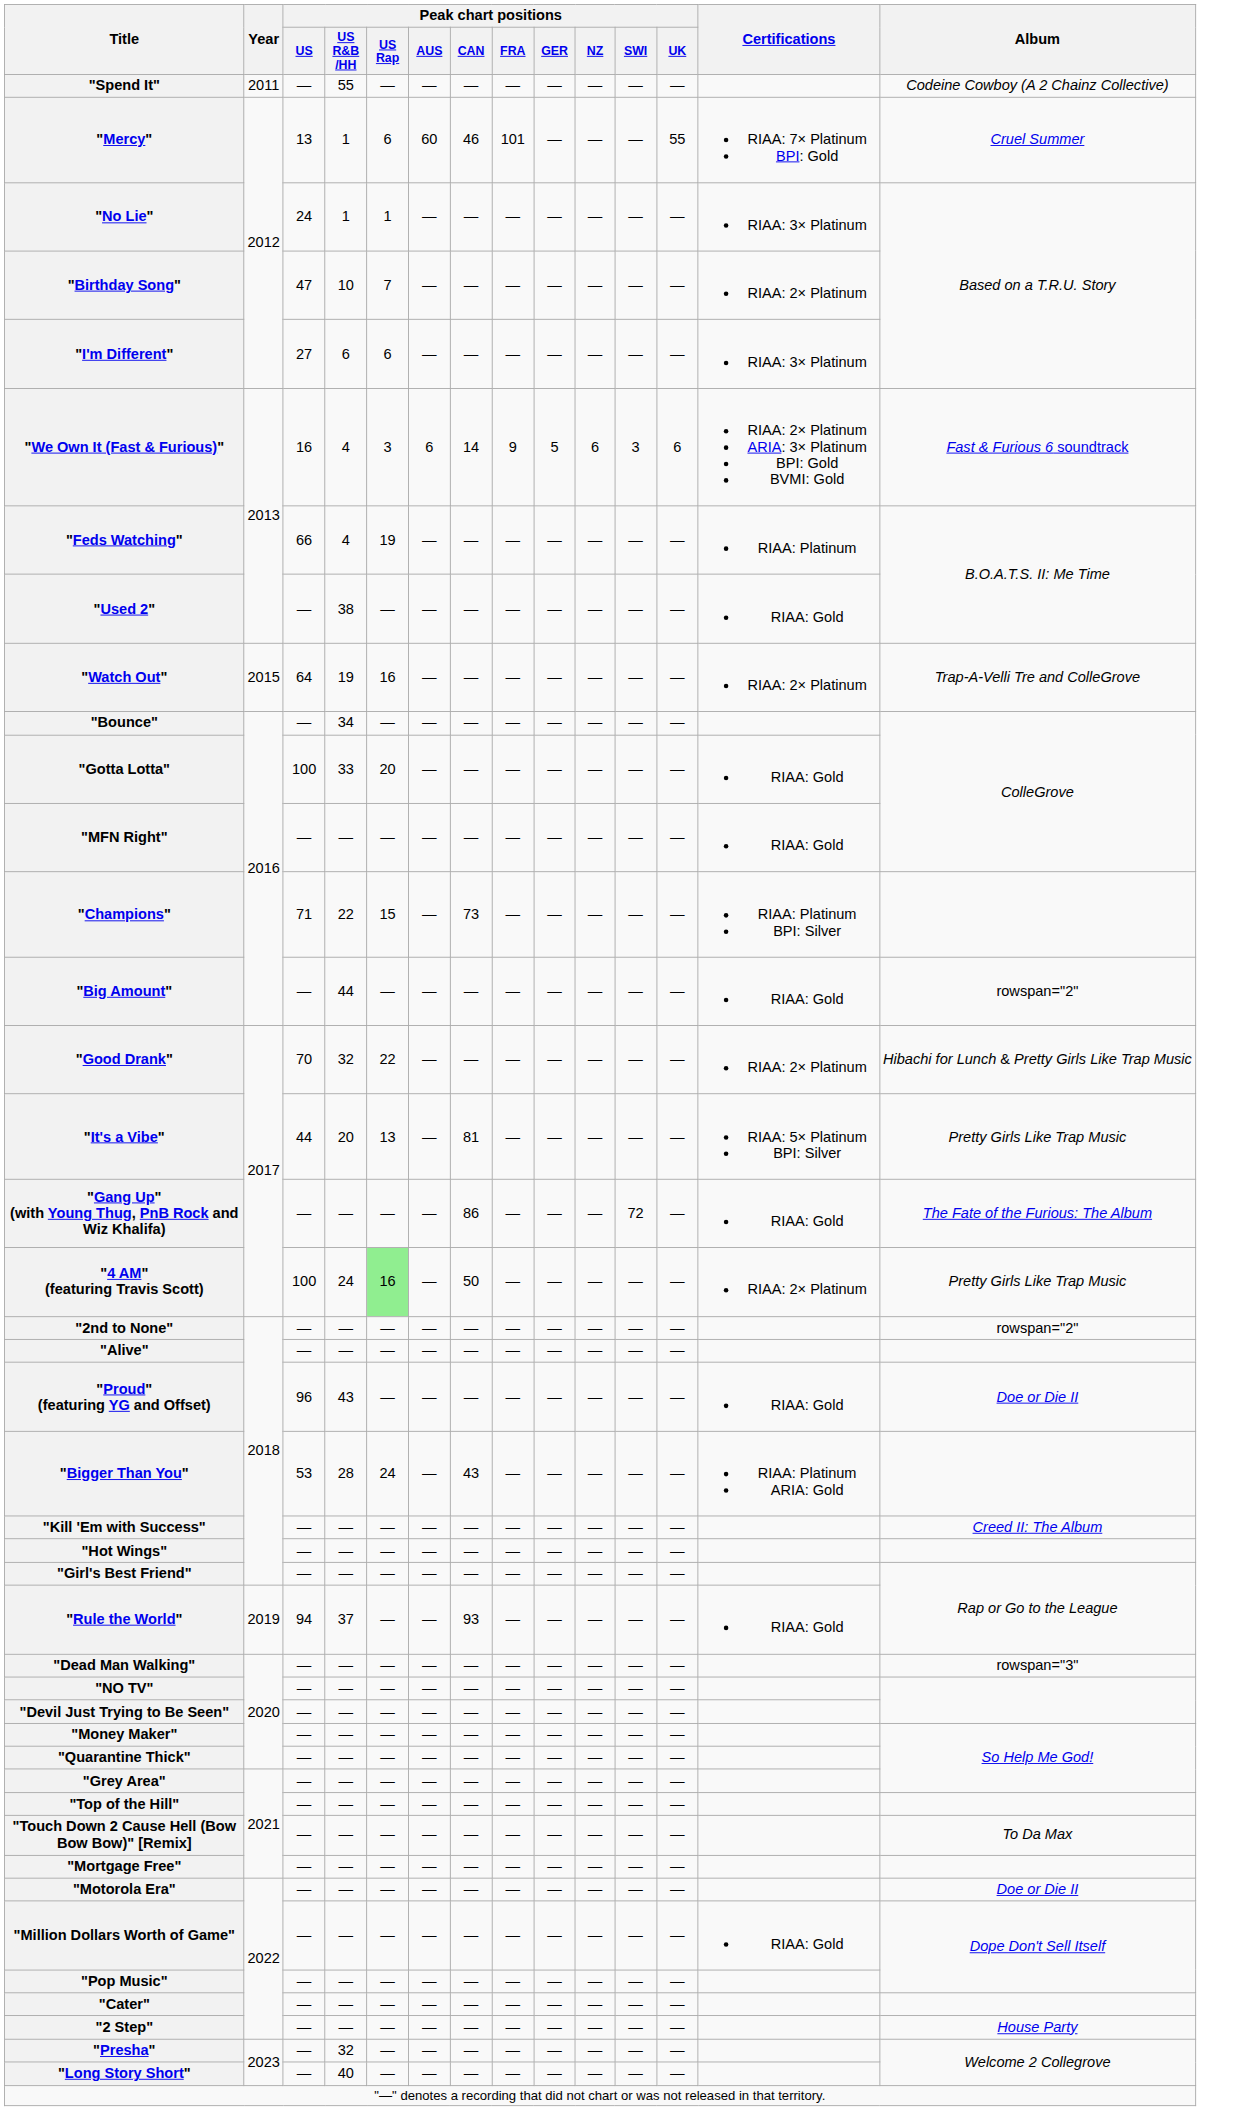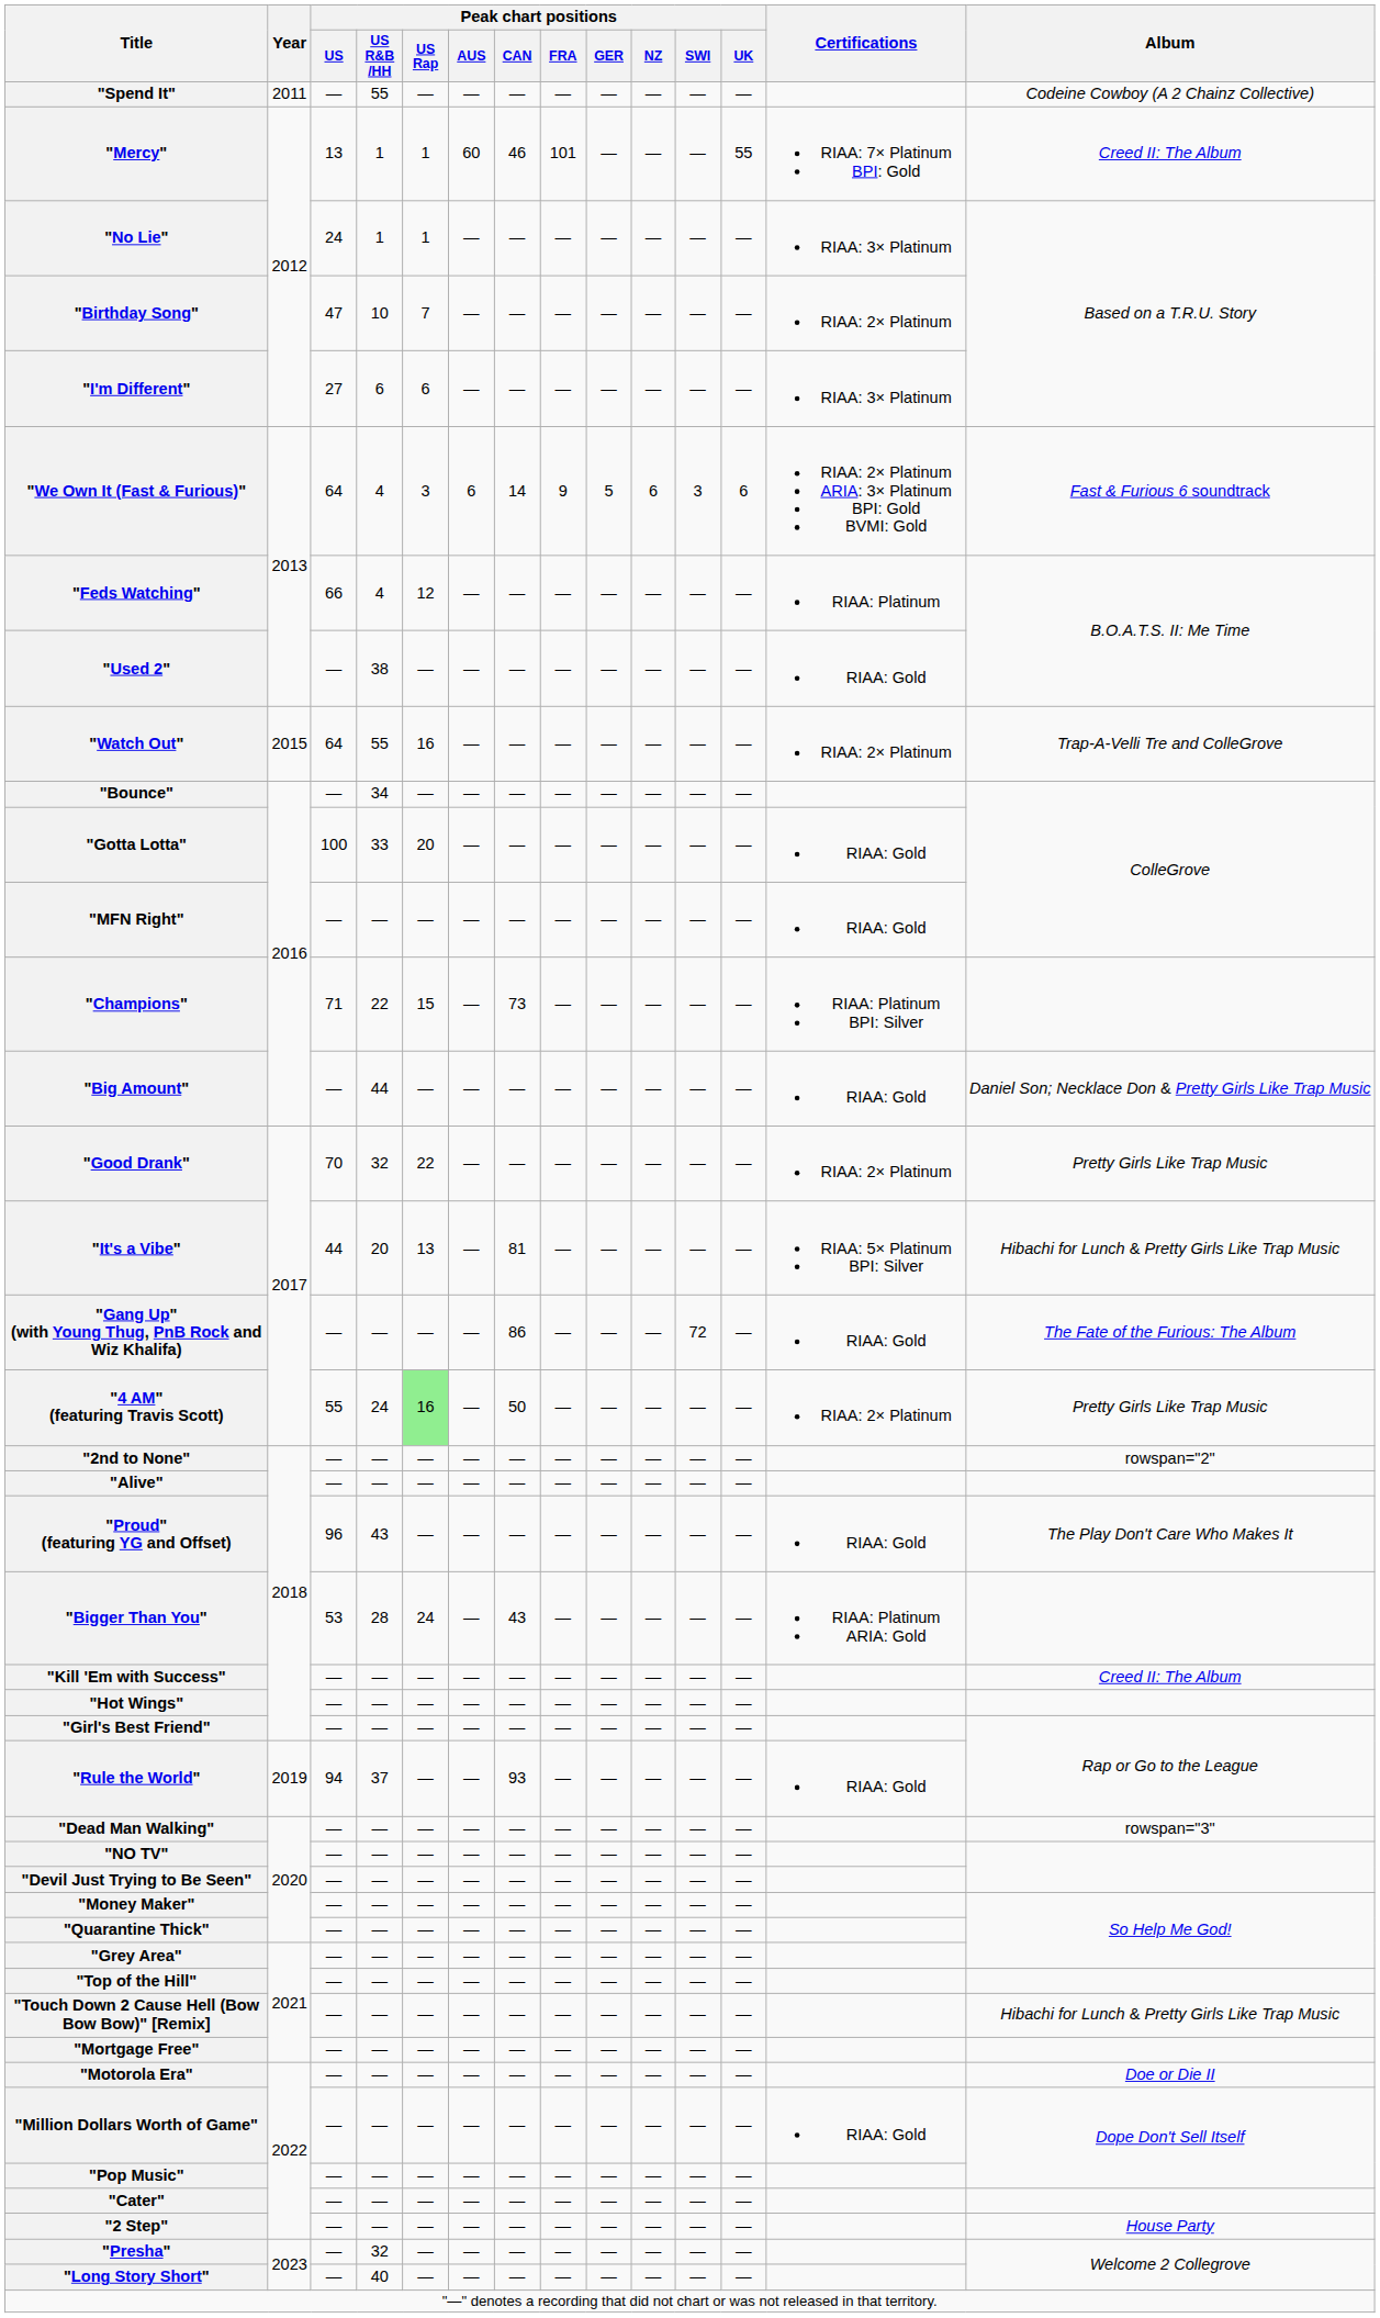 <table class="wikitable plainrowheaders" style="text-align:center;">
 <tr>
 <th scope="col" rowspan="2" style="width:16em;">Title</th>
 <th scope="col" rowspan="2">Year</th>
 <th scope="col" colspan="10">Peak chart positions</th>
 <th scope="col" rowspan="2" style="width:12em;"><a href='#'>Certifications</a></th>
 <th scope="col" rowspan="2">Album</th>
 </tr>
 <tr>
 <th scope="col" style="width:2.9em;font-size:85%;"><a href='#'>US</a><br></th>
 <th scope="col" style="width:2.9em;font-size:85%;"><a href='#'>US<br>R&B<br>/HH</a><br></th>
 <th scope="col" style="width:2.9em;font-size:85%;"><a href='#'>US<br>Rap</a><br></th>
 <th scope="col" style="width:2.9em;font-size:85%;"><a href='#'>AUS</a><br></th>
 <th scope="col" style="width:2.9em;font-size:85%;"><a href='#'>CAN</a><br></th>
 <th scope="col" style="width:2.9em;font-size:85%;"><a href='#'>FRA</a><br></th>
 <th scope="col" style="width:2.9em;font-size:85%;"><a href='#'>GER</a><br></th>
 <th scope="col" style="width:2.7em;font-size:85%;"><a href='#'>NZ</a><br></th>
 <th scope="col" style="width:2.9em;font-size:85%;"><a href='#'>SWI</a><br></th>
 <th scope="col" style="width:2.9em;font-size:85%;"><a href='#'>UK</a><br></th>
 </tr>
 <tr>
 <th scope="row">"Spend It"</th>
 <td>2011</td>
 <td>—</td>
 <td>55</td>
 <td>—</td>
 <td>—</td>
 <td>—</td>
 <td>—</td>
 <td>—</td>
 <td>—</td>
 <td>—</td>
 <td>—</td>
 <td></td>
 <td><em>Codeine Cowboy (A 2 Chainz Collective)</em></td>
 </tr>
 <tr>
 <th scope="row">"<a href='#'>Mercy</a>"<br></th>
 <td rowspan="4">2012</td>
 <td>13</td>
 <td>1</td>
-<td>6</td>
+<td>1</td>
 <td>60</td>
 <td>46</td>
 <td>101</td>
 <td>—</td>
 <td>—</td>
 <td>—</td>
 <td>55</td>
 <td><br><ul><li>RIAA: 7× Platinum</li><li><a href='#'>BPI</a>: Gold</li></ul></td>
-<td><em><a href='#'>Cruel Summer</a></em></td>
+<td><em><a href='#'>Creed II: The Album</a></em></td>
 </tr>
 <tr>
 <th scope="row">"<a href='#'>No Lie</a>"<br></th>
 <td>24</td>
 <td>1</td>
 <td>1</td>
 <td>—</td>
 <td>—</td>
 <td>—</td>
 <td>—</td>
 <td>—</td>
 <td>—</td>
 <td>—</td>
 <td><br><ul><li>RIAA: 3× Platinum</li></ul></td>
 <td rowspan="3"><em>Based on a T.R.U. Story</em></td>
 </tr>
 <tr>
 <th scope="row">"<a href='#'>Birthday Song</a>"<br></th>
 <td>47</td>
 <td>10</td>
 <td>7</td>
 <td>—</td>
 <td>—</td>
 <td>—</td>
 <td>—</td>
 <td>—</td>
 <td>—</td>
 <td>—</td>
 <td><br><ul><li>RIAA: 2× Platinum</li></ul></td>
 </tr>
 <tr>
 <th scope="row">"<a href='#'>I'm Different</a>"</th>
 <td>27</td>
 <td>6</td>
 <td>6</td>
 <td>—</td>
 <td>—</td>
 <td>—</td>
 <td>—</td>
 <td>—</td>
 <td>—</td>
 <td>—</td>
 <td><br><ul><li>RIAA: 3× Platinum</li></ul></td>
 </tr>
 <tr>
 <th scope="row">"<a href='#'>We Own It (Fast & Furious)</a>"<br></th>
 <td rowspan="3">2013</td>
-<td>16</td>
+<td>64</td>
 <td>4</td>
 <td>3</td>
 <td>6</td>
 <td>14</td>
 <td>9</td>
 <td>5</td>
 <td>6</td>
 <td>3</td>
 <td>6</td>
 <td><br><ul><li>RIAA: 2× Platinum</li><li><a href='#'>ARIA</a>: 3× Platinum</li><li>BPI: Gold</li><li>BVMI: Gold</li></ul></td>
 <td><a href='#'><em>Fast & Furious 6</em> soundtrack</a></td>
 </tr>
 <tr>
 <th scope="row">"<a href='#'>Feds Watching</a>"<br></th>
 <td>66</td>
 <td>4</td>
-<td>19</td>
+<td>12</td>
 <td>—</td>
 <td>—</td>
 <td>—</td>
 <td>—</td>
 <td>—</td>
 <td>—</td>
 <td>—</td>
 <td><br><ul><li>RIAA: Platinum</li></ul></td>
 <td rowspan="2"><em>B.O.A.T.S. II: Me Time</em></td>
 </tr>
 <tr>
 <th scope="row">"<a href='#'>Used 2</a>"</th>
 <td>—</td>
 <td>38</td>
 <td>—</td>
 <td>—</td>
 <td>—</td>
 <td>—</td>
 <td>—</td>
 <td>—</td>
 <td>—</td>
 <td>—</td>
 <td><br><ul><li>RIAA: Gold</li></ul></td>
 </tr>
 <tr>
 <th scope="row">"<a href='#'>Watch Out</a>"</th>
 <td>2015</td>
 <td>64</td>
-<td>19</td>
+<td>55</td>
 <td>16</td>
 <td>—</td>
 <td>—</td>
 <td>—</td>
 <td>—</td>
 <td>—</td>
 <td>—</td>
 <td>—</td>
 <td><br><ul><li>RIAA: 2× Platinum</li></ul></td>
 <td><em>Trap-A-Velli Tre and ColleGrove</em></td>
 </tr>
 <tr>
 <th scope="row">"Bounce"<br></th>
 <td rowspan="5">2016</td>
 <td>—</td>
 <td>34</td>
 <td>—</td>
 <td>—</td>
 <td>—</td>
 <td>—</td>
 <td>—</td>
 <td>—</td>
 <td>—</td>
 <td>—</td>
 <td></td>
 <td rowspan="3"><em>ColleGrove</em></td>
 </tr>
 <tr>
 <th scope="row">"Gotta Lotta"<br></th>
 <td>100</td>
 <td>33</td>
 <td>20</td>
 <td>—</td>
 <td>—</td>
 <td>—</td>
 <td>—</td>
 <td>—</td>
 <td>—</td>
 <td>—</td>
 <td><br><ul><li>RIAA: Gold</li></ul></td>
 </tr>
 <tr>
 <th scope="row">"MFN Right"<br></th>
 <td>—</td>
 <td>—</td>
 <td>—</td>
 <td>—</td>
 <td>—</td>
 <td>—</td>
 <td>—</td>
 <td>—</td>
 <td>—</td>
 <td>—</td>
 <td><br><ul><li>RIAA: Gold</li></ul></td>
 </tr>
 <tr>
 <th scope="row">"<a href='#'>Champions</a>" <br></th>
 <td>71</td>
 <td>22</td>
 <td>15</td>
 <td>—</td>
 <td>73</td>
 <td>—</td>
 <td>—</td>
 <td>—</td>
 <td>—</td>
 <td>—</td>
 <td><br><ul><li>RIAA: Platinum</li><li>BPI: Silver</li></ul></td>
 <td></td>
 </tr>
 <tr>
 <th scope="row">"<a href='#'>Big Amount</a>" <br></th>
 <td>—</td>
 <td>44</td>
 <td>—</td>
 <td>—</td>
 <td>—</td>
 <td>—</td>
 <td>—</td>
 <td>—</td>
 <td>—</td>
 <td>—</td>
 <td><br><ul><li>RIAA: Gold</li></ul></td>
-<td>rowspan="2" </td>
+<td><em>Daniel Son; Necklace Don</em> & <em><a href='#'>Pretty Girls Like Trap Music</a></em></td>
 </tr>
 <tr>
 <th scope="row">"<a href='#'>Good Drank</a>"<br></th>
 <td rowspan="4">2017</td>
 <td>70</td>
 <td>32</td>
 <td>22</td>
 <td>—</td>
 <td>—</td>
 <td>—</td>
 <td>—</td>
 <td>—</td>
 <td>—</td>
 <td>—</td>
 <td><br><ul><li>RIAA: 2× Platinum</li></ul></td>
-<td><em>Hibachi for Lunch</em> & <em>Pretty Girls Like Trap Music</em></td>
+<td><em>Pretty Girls Like Trap Music</em></td>
 </tr>
 <tr>
 <th scope="row">"<a href='#'>It's a Vibe</a>"<br></th>
 <td>44</td>
 <td>20</td>
 <td>13</td>
 <td>—</td>
 <td>81</td>
 <td>—</td>
 <td>—</td>
 <td>—</td>
 <td>—</td>
 <td>—</td>
 <td><br><ul><li>RIAA: 5× Platinum</li><li>BPI: Silver</li></ul></td>
-<td><em>Pretty Girls Like Trap Music</em></td>
+<td><em>Hibachi for Lunch</em> & <em>Pretty Girls Like Trap Music</em></td>
 </tr>
 <tr>
 <th scope="row">"<a href='#'>Gang Up</a>"<br><span>(with <a href='#'>Young Thug</a>, <a href='#'>PnB Rock</a> and Wiz Khalifa)</span></th>
 <td>—</td>
 <td>—</td>
 <td>—</td>
 <td>—</td>
 <td>86</td>
 <td>—</td>
 <td>—</td>
 <td>—</td>
 <td>72</td>
 <td>—</td>
 <td><br><ul><li>RIAA: Gold</li></ul></td>
 <td><em><a href='#'>The Fate of the Furious: The Album</a></em></td>
 </tr>
 <tr>
 <th scope="row">"<a href='#'>4 AM</a>"<br><span>(featuring Travis Scott)</span></th>
-<td>100</td>
+<td>55</td>
 <td>24</td>
 <td style="background: lightgreen;">16</td>
 <td>—</td>
 <td>50</td>
 <td>—</td>
 <td>—</td>
 <td>—</td>
 <td>—</td>
 <td>—</td>
 <td><br><ul><li>RIAA: 2× Platinum</li></ul></td>
 <td><em>Pretty Girls Like Trap Music</em></td>
 </tr>
 <tr>
 <th scope="row">"2nd to None"<br></th>
 <td rowspan="7">2018</td>
 <td>—</td>
 <td>—</td>
 <td>—</td>
 <td>—</td>
 <td>—</td>
 <td>—</td>
 <td>—</td>
 <td>—</td>
 <td>—</td>
 <td>—</td>
 <td></td>
 <td>rowspan="2" </td>
 </tr>
 <tr>
 <th scope="row">"Alive"<br></th>
 <td>—</td>
 <td>—</td>
 <td>—</td>
 <td>—</td>
 <td>—</td>
 <td>—</td>
 <td>—</td>
 <td>—</td>
 <td>—</td>
 <td>—</td>
 <td></td>
 </tr>
 <tr>
 <th scope="row">"<a href='#'>Proud</a>"<br><span>(featuring <a href='#'>YG</a> and Offset)</span></th>
 <td>96</td>
 <td>43</td>
 <td>—</td>
 <td>—</td>
 <td>—</td>
 <td>—</td>
 <td>—</td>
 <td>—</td>
 <td>—</td>
 <td>—</td>
 <td><br><ul><li>RIAA: Gold</li></ul></td>
-<td><em><a href='#'>Doe or Die II</a></em></td>
+<td><em>The Play Don't Care Who Makes It</em></td>
 </tr>
 <tr>
 <th scope="row">"<a href='#'>Bigger Than You</a>"<br></th>
 <td>53</td>
 <td>28</td>
 <td>24</td>
 <td>—</td>
 <td>43</td>
 <td>—</td>
 <td>—</td>
 <td>—</td>
 <td>—</td>
 <td>—</td>
 <td><br><ul><li>RIAA: Platinum</li><li>ARIA: Gold</li></ul></td>
 <td></td>
 </tr>
 <tr>
 <th scope="row">"Kill 'Em with Success"<br></th>
 <td>—</td>
 <td>—</td>
 <td>—</td>
 <td>—</td>
 <td>—</td>
 <td>—</td>
 <td>—</td>
 <td>—</td>
 <td>—</td>
 <td>—</td>
 <td></td>
 <td><em><a href='#'>Creed II: The Album</a></em></td>
 </tr>
 <tr>
 <th scope="row">"Hot Wings"</th>
 <td>—</td>
 <td>—</td>
 <td>—</td>
 <td>—</td>
 <td>—</td>
 <td>—</td>
 <td>—</td>
 <td>—</td>
 <td>—</td>
 <td>—</td>
 <td></td>
 <td></td>
 </tr>
 <tr>
 <th scope="row">"Girl's Best Friend"<br></th>
 <td>—</td>
 <td>—</td>
 <td>—</td>
 <td>—</td>
 <td>—</td>
 <td>—</td>
 <td>—</td>
 <td>—</td>
 <td>—</td>
 <td>—</td>
 <td></td>
 <td rowspan="2"><em>Rap or Go to the League</em></td>
 </tr>
 <tr>
 <th scope="row">"<a href='#'>Rule the World</a>"<br></th>
 <td>2019</td>
 <td>94</td>
 <td>37</td>
 <td>—</td>
 <td>—</td>
 <td>93</td>
 <td>—</td>
 <td>—</td>
 <td>—</td>
 <td>—</td>
 <td>—</td>
 <td><br><ul><li>RIAA: Gold</li></ul></td>
 </tr>
 <tr>
 <th scope="row">"Dead Man Walking"<br></th>
 <td rowspan="5">2020</td>
 <td>—</td>
 <td>—</td>
 <td>—</td>
 <td>—</td>
 <td>—</td>
 <td>—</td>
 <td>—</td>
 <td>—</td>
 <td>—</td>
 <td>—</td>
 <td></td>
 <td>rowspan="3" </td>
 </tr>
 <tr>
 <th scope="row">"NO TV"</th>
 <td>—</td>
 <td>—</td>
 <td>—</td>
 <td>—</td>
 <td>—</td>
 <td>—</td>
 <td>—</td>
 <td>—</td>
 <td>—</td>
 <td>—</td>
 <td></td>
 </tr>
 <tr>
 <th scope="row">"Devil Just Trying to Be Seen"<br></th>
 <td>—</td>
 <td>—</td>
 <td>—</td>
 <td>—</td>
 <td>—</td>
 <td>—</td>
 <td>—</td>
 <td>—</td>
 <td>—</td>
 <td>—</td>
 <td></td>
 </tr>
 <tr>
 <th scope="row">"Money Maker"<br></th>
 <td>—</td>
 <td>—</td>
 <td>—</td>
 <td>—</td>
 <td>—</td>
 <td>—</td>
 <td>—</td>
 <td>—</td>
 <td>—</td>
 <td>—</td>
 <td></td>
 <td rowspan="3"><em><a href='#'>So Help Me God!</a></em></td>
 </tr>
 <tr>
 <th scope="row">"Quarantine Thick"<br></th>
 <td>—</td>
 <td>—</td>
 <td>—</td>
 <td>—</td>
 <td>—</td>
 <td>—</td>
 <td>—</td>
 <td>—</td>
 <td>—</td>
 <td>—</td>
 </tr>
 <tr>
 <th scope="row">"Grey Area"</th>
 <td rowspan="4">2021</td>
 <td>—</td>
 <td>—</td>
 <td>—</td>
 <td>—</td>
 <td>—</td>
 <td>—</td>
 <td>—</td>
 <td>—</td>
 <td>—</td>
 <td>—</td>
 <td></td>
 </tr>
 <tr>
 <th scope="row">"Top of the Hill"<br></th>
 <td>—</td>
 <td>—</td>
 <td>—</td>
 <td>—</td>
 <td>—</td>
 <td>—</td>
 <td>—</td>
 <td>—</td>
 <td>—</td>
 <td>—</td>
 <td></td>
 <td></td>
 </tr>
 <tr>
 <th scope="row">"Touch Down 2 Cause Hell (Bow Bow Bow)" [Remix]<br></th>
 <td>—</td>
 <td>—</td>
 <td>—</td>
 <td>—</td>
 <td>—</td>
 <td>—</td>
 <td>—</td>
 <td>—</td>
 <td>—</td>
 <td>—</td>
 <td></td>
-<td><em>To Da Max</em></td>
+<td><em>Hibachi for Lunch</em> & <em>Pretty Girls Like Trap Music</em></td>
 </tr>
 <tr>
 <th scope="row">"Mortgage Free"<br></th>
 <td>—</td>
 <td>—</td>
 <td>—</td>
 <td>—</td>
 <td>—</td>
 <td>—</td>
 <td>—</td>
 <td>—</td>
 <td>—</td>
 <td>—</td>
 <td></td>
 <td></td>
 </tr>
 <tr>
 <th scope="row">"Motorola Era"<br></th>
 <td rowspan="5">2022</td>
 <td>—</td>
 <td>—</td>
 <td>—</td>
 <td>—</td>
 <td>—</td>
 <td>—</td>
 <td>—</td>
 <td>—</td>
 <td>—</td>
 <td>—</td>
 <td></td>
 <td><em><a href='#'>Doe or Die II</a></em></td>
 </tr>
 <tr>
 <th scope="row">"Million Dollars Worth of Game"<br></th>
 <td>—</td>
 <td>—</td>
 <td>—</td>
 <td>—</td>
 <td>—</td>
 <td>—</td>
 <td>—</td>
 <td>—</td>
 <td>—</td>
 <td>—</td>
 <td><br><ul><li>RIAA: Gold</li></ul></td>
 <td rowspan="2"><em><a href='#'>Dope Don't Sell Itself</a></em></td>
 </tr>
 <tr>
 <th scope="row">"Pop Music"<br></th>
 <td>—</td>
 <td>—</td>
 <td>—</td>
 <td>—</td>
 <td>—</td>
 <td>—</td>
 <td>—</td>
 <td>—</td>
 <td>—</td>
 <td>—</td>
 <td></td>
 </tr>
 <tr>
 <th scope="row">"Cater"<br></th>
 <td>—</td>
 <td>—</td>
 <td>—</td>
 <td>—</td>
 <td>—</td>
 <td>—</td>
 <td>—</td>
 <td>—</td>
 <td>—</td>
 <td>—</td>
 <td></td>
 <td></td>
 </tr>
 <tr>
 <th scope="row">"2 Step"</th>
 <td>—</td>
 <td>—</td>
 <td>—</td>
 <td>—</td>
 <td>—</td>
 <td>—</td>
 <td>—</td>
 <td>—</td>
 <td>—</td>
 <td>—</td>
 <td></td>
 <td><em><a href='#'>House Party</a></em></td>
 </tr>
 <tr>
 <th scope="row">"<a href='#'>Presha</a>"<br></th>
 <td rowspan="2">2023</td>
 <td>—</td>
 <td>32</td>
 <td>—</td>
 <td>—</td>
 <td>—</td>
 <td>—</td>
 <td>—</td>
 <td>—</td>
 <td>—</td>
 <td>—</td>
 <td></td>
 <td rowspan="2"><em>Welcome 2 Collegrove</em></td>
 </tr>
 <tr>
 <th scope="row">"<a href='#'>Long Story Short</a>"<br></th>
 <td>—</td>
 <td>40</td>
 <td>—</td>
 <td>—</td>
 <td>—</td>
 <td>—</td>
 <td>—</td>
 <td>—</td>
 <td>—</td>
 <td>—</td>
 <td></td>
 </tr>
 <tr>
 <td colspan="14" style="font-size:90%">"—" denotes a recording that did not chart or was not released in that territory.</td>
 </tr>
 </table>
